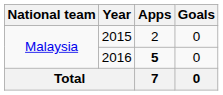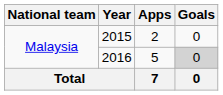 <table class=wikitable style="text-align: center;">
 <tr>
 <th>National team</th>
 <th>Year</th>
 <th>Apps</th>
 <th>Goals</th>
 </tr>
 <tr>
 <td rowspan=2><a href='#'>Malaysia</a></td>
 <td>2015</td>
 <td>2</td>
 <td>0</td>
 </tr>
 <tr>
 <td>2016</td>
-<td><strong>5</strong></td>
-<td>0</td>
+<td>5</td>
+<td style="background: lightgrey;">0</td>
 </tr>
 <tr>
 <th colspan=2>Total</th>
 <th>7</th>
 <th>0</th>
 </tr>
 </table>
